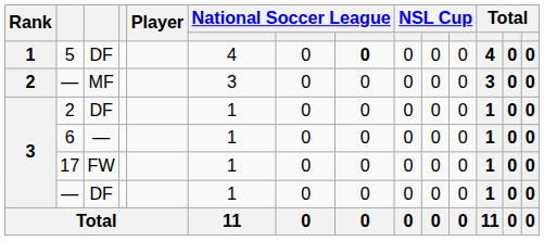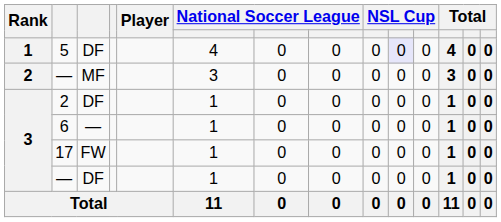 <table class="wikitable sortable" style="text-align:center">
 <tr>
 <th rowspan="2">Rank</th>
 <th rowspan="2"></th>
 <th rowspan="2"></th>
 <th rowspan="2"></th>
 <th rowspan="2">Player</th>
 <th colspan="3"><a href='#'>National Soccer League</a></th>
 <th colspan="3"><a href='#'>NSL Cup</a></th>
 <th colspan="3">Total</th>
 </tr>
 <tr>
 <th></th>
 <th></th>
 <th></th>
 <th></th>
 <th></th>
 <th></th>
 <th></th>
 <th></th>
 <th></th>
 </tr>
 <tr>
 <th>1</th>
 <td>5</td>
 <td>DF</td>
 <td></td>
 <td align="left"><br></td>
 <td>4</td>
 <td>0</td>
-<td><strong>0<br></strong></td>
+<td>0<br></td>
 <td>0</td>
-<td>0</td>
+<td style="background: lavender;">0</td>
 <td>0<br></td>
 <th>4</th>
 <th>0</th>
 <th>0</th>
 </tr>
 <tr>
 <th>2</th>
 <td>—</td>
 <td>MF</td>
 <td></td>
 <td align="left"><br></td>
 <td>3</td>
 <td>0</td>
 <td>0<br></td>
 <td>0</td>
 <td>0</td>
 <td>0<br></td>
 <th>3</th>
 <th>0</th>
 <th>0</th>
 </tr>
 <tr>
 <th rowspan="4">3</th>
 <td>2</td>
 <td>DF</td>
 <td></td>
 <td align="left"><br></td>
 <td>1</td>
 <td>0</td>
 <td>0<br></td>
 <td>0</td>
 <td>0</td>
 <td>0<br></td>
 <th>1</th>
 <th>0</th>
 <th>0</th>
 </tr>
 <tr>
 <td>6</td>
 <td>—</td>
 <td></td>
 <td align="left"><br></td>
 <td>1</td>
 <td>0</td>
 <td>0<br></td>
 <td>0</td>
 <td>0</td>
 <td>0<br></td>
 <th>1</th>
 <th>0</th>
 <th>0</th>
 </tr>
 <tr>
 <td>17</td>
 <td>FW</td>
 <td></td>
 <td align="left"><br></td>
 <td>1</td>
 <td>0</td>
 <td>0<br></td>
 <td>0</td>
 <td>0</td>
 <td>0<br></td>
 <th>1</th>
 <th>0</th>
 <th>0</th>
 </tr>
 <tr>
 <td>—</td>
 <td>DF</td>
 <td></td>
 <td align="left"><br></td>
 <td>1</td>
 <td>0</td>
 <td>0<br></td>
 <td>0</td>
 <td>0</td>
 <td>0<br></td>
 <th>1</th>
 <th>0</th>
 <th>0</th>
 </tr>
 <tr>
 <th colspan="5">Total<br></th>
 <th>11</th>
 <th>0</th>
 <th>0<br></th>
 <th>0</th>
 <th>0</th>
 <th>0<br></th>
 <th>11</th>
 <th>0</th>
 <th>0</th>
 </tr>
 </table>
